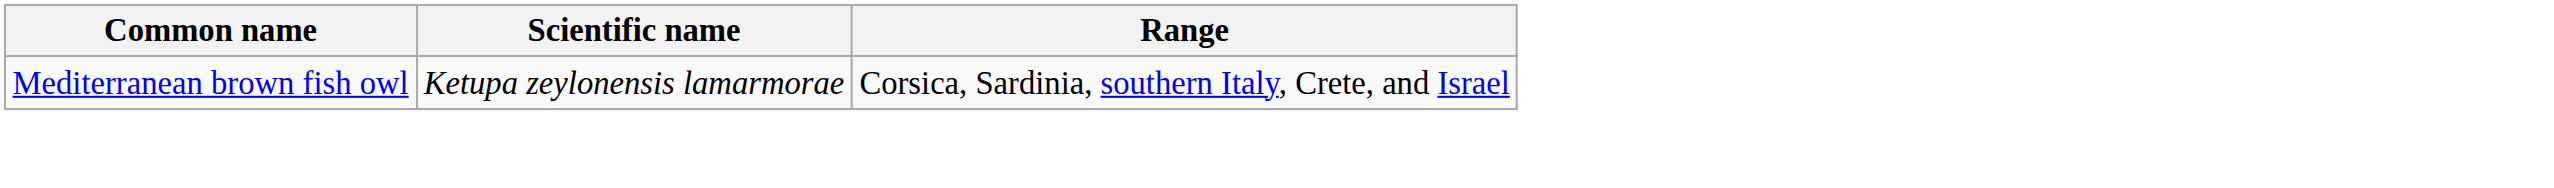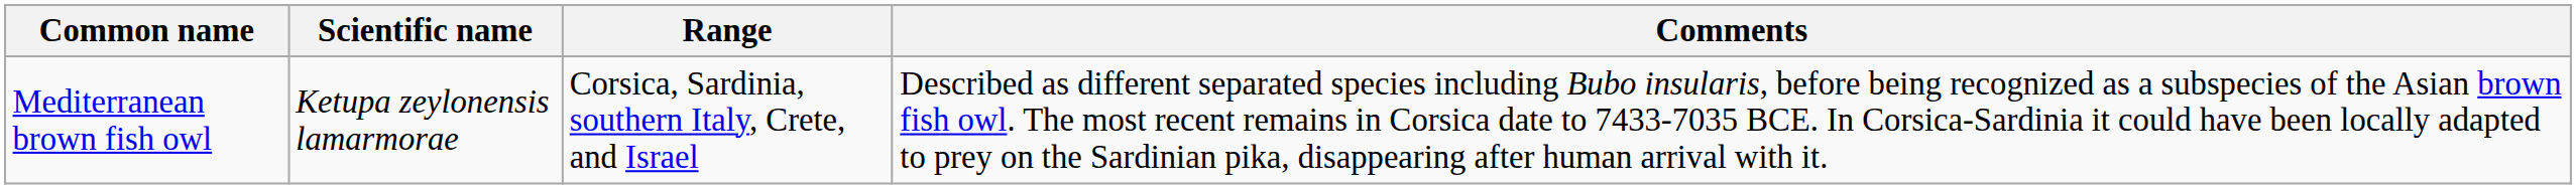 <table class="wikitable">
 <tr>
 <th>Common name</th>
 <th>Scientific name</th>
 <th>Range</th>
+<th class="unsortable">Comments</th>
 </tr>
 <tr>
 <td><a href='#'>Mediterranean brown fish owl</a></td>
 <td><em>Ketupa zeylonensis lamarmorae</em></td>
 <td>Corsica, Sardinia, <a href='#'>southern Italy</a>, Crete, and <a href='#'>Israel</a></td>
+<td>Described as different separated species including <em>Bubo insularis</em>, before being recognized as a subspecies of the Asian <a href='#'>brown fish owl</a>. The most recent remains in Corsica date to 7433-7035 BCE. In Corsica-Sardinia it could have been locally adapted to prey on the Sardinian pika, disappearing after human arrival with it.</td>
 </tr>
 </table>
